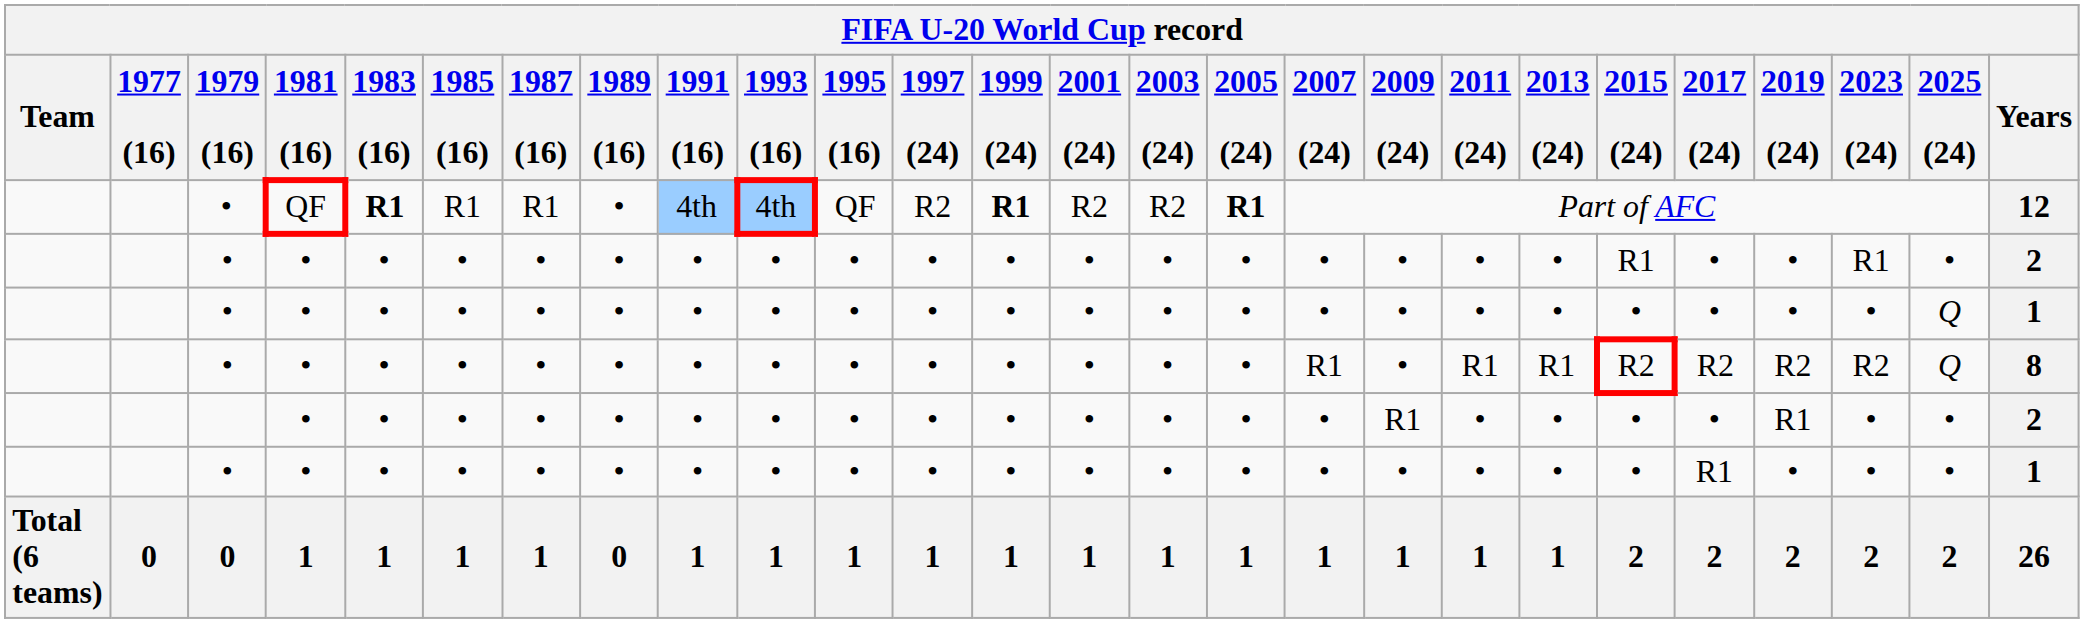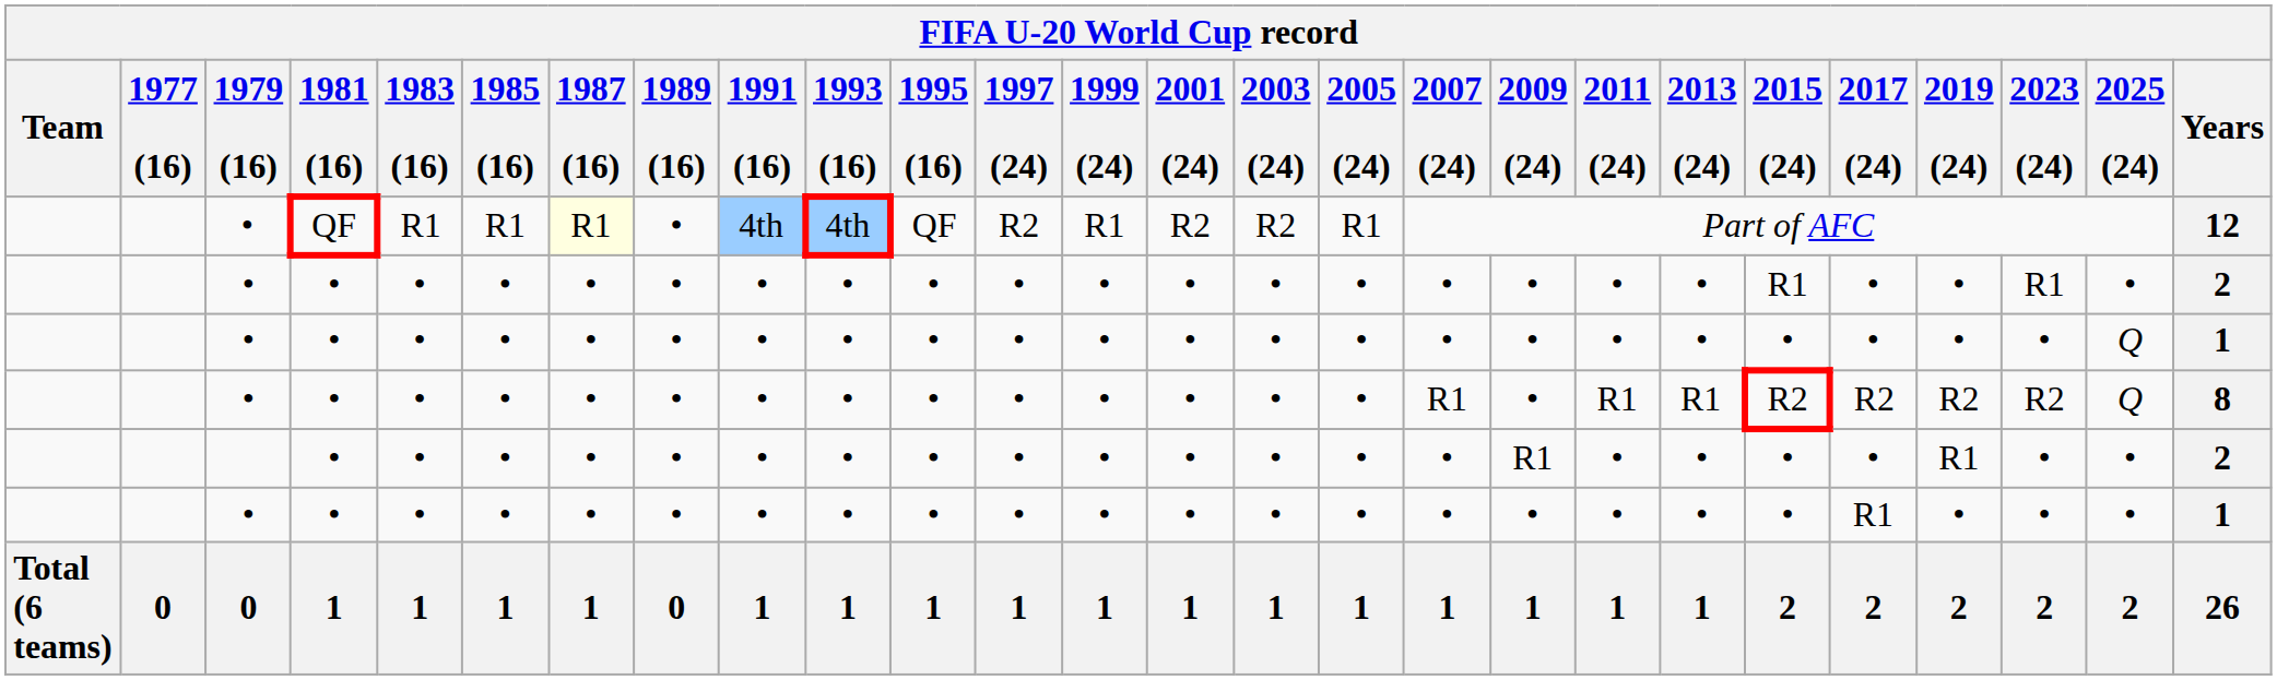 <table class="wikitable" style="text-align:center;">
 <tr style="background:#ccc; text-align:center;">
 <th colspan=26><a href='#'>FIFA U-20 World Cup</a> record</th>
 </tr>
 <tr>
 <th width=200>Team</th>
 <th><a href='#'>1977</a><br><br>(16)</th>
 <th><a href='#'>1979</a><br><br>(16)</th>
 <th><a href='#'>1981</a><br><br>(16)</th>
 <th><a href='#'>1983</a><br><br>(16)</th>
 <th><a href='#'>1985</a><br><br>(16)</th>
 <th><a href='#'>1987</a><br><br>(16)</th>
 <th><a href='#'>1989</a><br><br>(16)</th>
 <th><a href='#'>1991</a><br><br>(16)</th>
 <th><a href='#'>1993</a><br><br>(16)</th>
 <th><a href='#'>1995</a><br><br>(16)</th>
 <th><a href='#'>1997</a><br><br>(24)</th>
 <th><a href='#'>1999</a><br><br>(24)</th>
 <th><a href='#'>2001</a><br><br>(24)</th>
 <th><a href='#'>2003</a><br><br>(24)</th>
 <th><a href='#'>2005</a><br><br>(24)</th>
 <th><a href='#'>2007</a><br><br>(24)</th>
 <th><a href='#'>2009</a><br><br>(24)</th>
 <th><a href='#'>2011</a><br><br>(24)</th>
 <th><a href='#'>2013</a><br><br>(24)</th>
 <th><a href='#'>2015</a><br><br>(24)</th>
 <th><a href='#'>2017</a><br><br>(24)</th>
 <th><a href='#'>2019</a><br><br>(24)</th>
 <th><a href='#'>2023</a><br><br>(24)</th>
 <th><a href='#'>2025</a><br><br>(24)</th>
 <th>Years</th>
 </tr>
 <tr style="text-align:center">
 <td style="text-align:left"></td>
 <td></td>
 <td>•</td>
 <td style="border: 3px solid red">QF</td>
-<td><strong>R1</strong></td>
 <td>R1</td>
 <td>R1</td>
+<td style="background: lightyellow;">R1</td>
 <td>•</td>
 <td style="background:#9acdff;">4th</td>
 <td style="border:3px solid red; background:#9acdff;">4th</td>
 <td>QF</td>
 <td>R2</td>
-<td><strong>R1</strong></td>
+<td>R1</td>
 <td>R2</td>
 <td>R2</td>
-<td><strong>R1</strong></td>
+<td>R1</td>
 <td colspan="9"><em>Part of <a href='#'>AFC</a></em></td>
 <th>12</th>
 </tr>
 <tr style="text-align:center">
 <td style="text-align:left"></td>
 <td></td>
 <td>•</td>
 <td>•</td>
 <td>•</td>
 <td>•</td>
 <td>•</td>
 <td>•</td>
 <td>•</td>
 <td>•</td>
 <td>•</td>
 <td>•</td>
 <td>•</td>
 <td>•</td>
 <td>•</td>
 <td>•</td>
 <td>•</td>
 <td>•</td>
 <td>•</td>
 <td>•</td>
 <td>R1</td>
 <td>•</td>
 <td>•</td>
 <td>R1</td>
 <td>•</td>
 <th>2</th>
 </tr>
 <tr style="text-align:center">
 <td style="text-align:left"></td>
 <td></td>
 <td>•</td>
 <td>•</td>
 <td>•</td>
 <td>•</td>
 <td>•</td>
 <td>•</td>
 <td>•</td>
 <td>•</td>
 <td>•</td>
 <td>•</td>
 <td>•</td>
 <td>•</td>
 <td>•</td>
 <td>•</td>
 <td>•</td>
 <td>•</td>
 <td>•</td>
 <td>•</td>
 <td>•</td>
 <td>•</td>
 <td>•</td>
 <td>•</td>
 <td><em>Q</em></td>
 <th>1</th>
 </tr>
 <tr style="text-align:center">
 <td style="text-align:left"></td>
 <td></td>
 <td>•</td>
 <td>•</td>
 <td>•</td>
 <td>•</td>
 <td>•</td>
 <td>•</td>
 <td>•</td>
 <td>•</td>
 <td>•</td>
 <td>•</td>
 <td>•</td>
 <td>•</td>
 <td>•</td>
 <td>•</td>
 <td>R1</td>
 <td>•</td>
 <td>R1</td>
 <td>R1</td>
 <td style="border: 3px solid red">R2</td>
 <td>R2</td>
 <td>R2</td>
 <td>R2</td>
 <td><em>Q</em></td>
 <th>8</th>
 </tr>
 <tr style="text-align:center">
 <td style="text-align:left"></td>
 <td></td>
 <td></td>
 <td>•</td>
 <td>•</td>
 <td>•</td>
 <td>•</td>
 <td>•</td>
 <td>•</td>
 <td>•</td>
 <td>•</td>
 <td>•</td>
 <td>•</td>
 <td>•</td>
 <td>•</td>
 <td>•</td>
 <td>•</td>
 <td>R1</td>
 <td>•</td>
 <td>•</td>
 <td>•</td>
 <td>•</td>
 <td>R1</td>
 <td>•</td>
 <td>•</td>
 <th>2</th>
 </tr>
 <tr style="text-align:center">
 <td style="text-align:left"></td>
 <td></td>
 <td>•</td>
 <td>•</td>
 <td>•</td>
 <td>•</td>
 <td>•</td>
 <td>•</td>
 <td>•</td>
 <td>•</td>
 <td>•</td>
 <td>•</td>
 <td>•</td>
 <td>•</td>
 <td>•</td>
 <td>•</td>
 <td>•</td>
 <td>•</td>
 <td>•</td>
 <td>•</td>
 <td>•</td>
 <td>R1</td>
 <td>•</td>
 <td>•</td>
 <td>•</td>
 <th>1</th>
 </tr>
 <tr>
 <th style="text-align:left"><strong>Total (6 teams)</strong></th>
 <th><strong>0</strong></th>
 <th><strong>0</strong></th>
 <th><strong>1</strong></th>
 <th><strong>1</strong></th>
 <th><strong>1</strong></th>
 <th><strong>1</strong></th>
 <th><strong>0</strong></th>
 <th><strong>1</strong></th>
 <th><strong>1</strong></th>
 <th><strong>1</strong></th>
 <th><strong>1</strong></th>
 <th><strong>1</strong></th>
 <th><strong>1</strong></th>
 <th><strong>1</strong></th>
 <th><strong>1</strong></th>
 <th><strong>1</strong></th>
 <th><strong>1</strong></th>
 <th><strong>1</strong></th>
 <th><strong>1</strong></th>
 <th><strong>2</strong></th>
 <th><strong>2</strong></th>
 <th><strong>2</strong></th>
 <th><strong>2</strong></th>
 <th><strong>2</strong></th>
 <th>26</th>
 </tr>
 </table>
